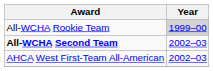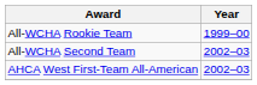 <table class="wikitable">
 <tr>
 <th>Award</th>
 <th>Year</th>
 </tr>
 <tr>
 <td>All-<a href='#'>WCHA</a> <a href='#'>Rookie Team</a></td>
-<td style="background: lightgrey;"><a href='#'>1999–00</a></td>
+<td><a href='#'>1999–00</a></td>
 </tr>
 <tr>
-<td><strong>All-<a href='#'>WCHA</a> <a href='#'>Second Team</a></strong></td>
+<td>All-<a href='#'>WCHA</a> <a href='#'>Second Team</a></td>
 <td><a href='#'>2002–03</a></td>
 </tr>
 <tr>
 <td><a href='#'>AHCA</a> <a href='#'>West First-Team All-American</a></td>
 <td><a href='#'>2002–03</a></td>
 </tr>
 <tr>
 </tr>
 </table>
